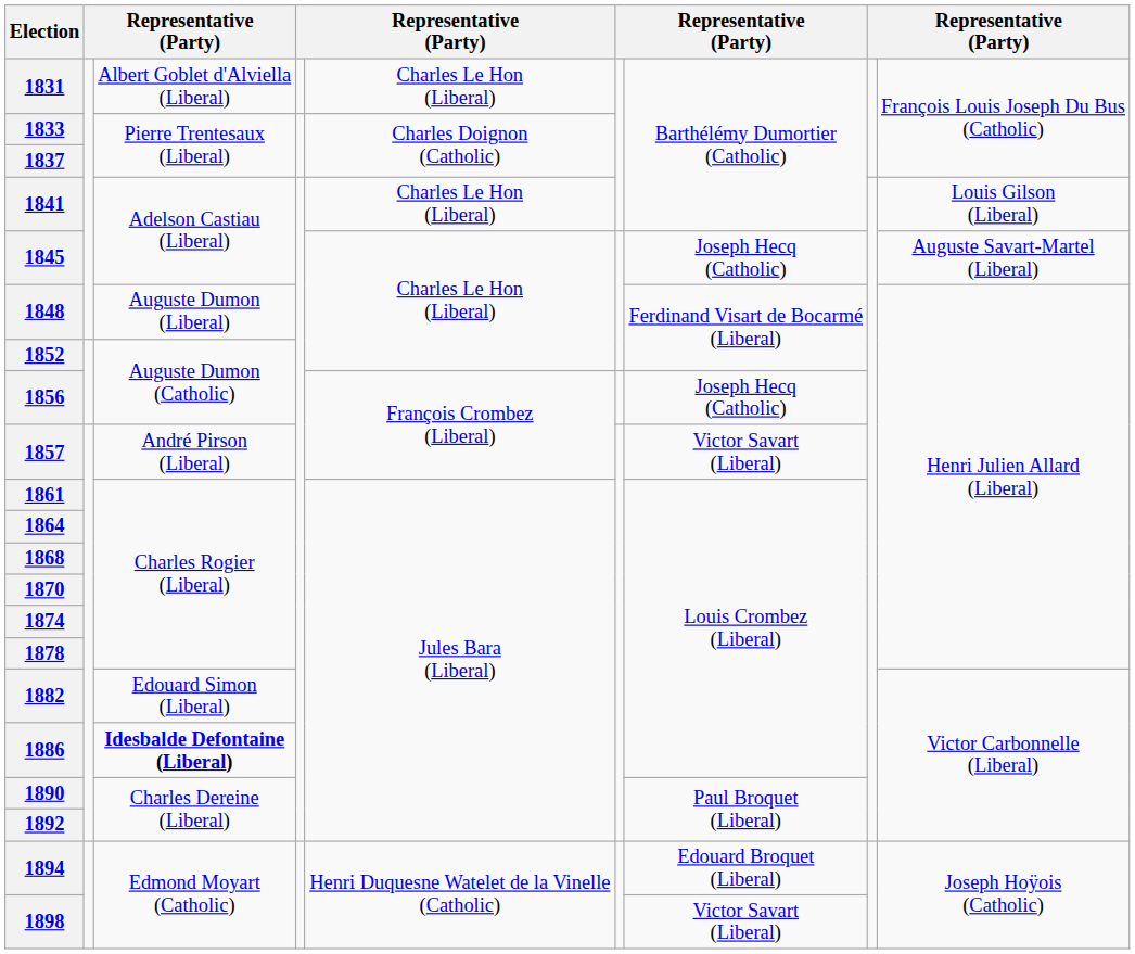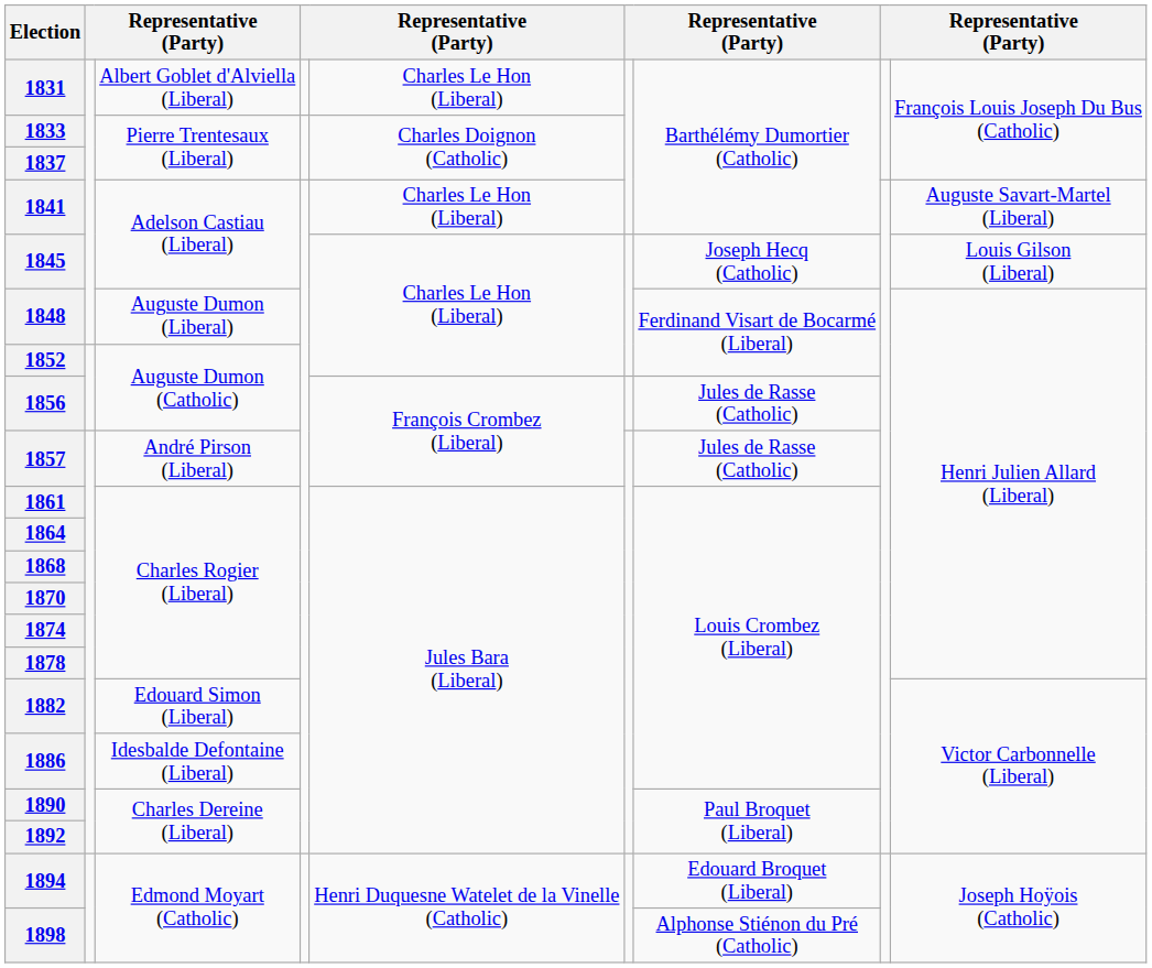 <table class="wikitable" style="text-align:center">
 <tr>
 <th>Election</th>
 <th colspan=2>Representative<br>(Party)</th>
 <th colspan=2>Representative<br>(Party)</th>
 <th colspan=2>Representative<br>(Party)</th>
 <th colspan=2>Representative<br>(Party)</th>
 </tr>
 <tr>
 <th><a href='#'>1831</a></th>
 <td rowspan=6; style="background-color: "></td>
 <td rowspan=1><a href='#'>Albert Goblet d'Alviella</a><br>(<a href='#'>Liberal</a>)</td>
 <td rowspan=1; style="background-color: "></td>
 <td rowspan=1><a href='#'>Charles Le Hon</a><br>(<a href='#'>Liberal</a>)</td>
 <td rowspan=4; style="background-color: "></td>
 <td rowspan=4><a href='#'>Barthélémy Dumortier</a><br>(<a href='#'>Catholic</a>)</td>
 <td rowspan=3; style="background-color: "></td>
 <td rowspan=3><a href='#'>François Louis Joseph Du Bus</a><br>(<a href='#'>Catholic</a>)</td>
 </tr>
 <tr>
 <th><a href='#'>1833</a></th>
 <td rowspan=2><a href='#'>Pierre Trentesaux</a><br>(<a href='#'>Liberal</a>)</td>
 <td rowspan=2; style="background-color: "></td>
 <td rowspan=2><a href='#'>Charles Doignon</a><br>(<a href='#'>Catholic</a>)</td>
 </tr>
 <tr>
 <th><a href='#'>1837</a></th>
 </tr>
 <tr>
 <th><a href='#'>1841</a></th>
 <td rowspan=2><a href='#'>Adelson Castiau</a><br>(<a href='#'>Liberal</a>)</td>
 <td rowspan=16; style="background-color: "></td>
 <td rowspan=1><a href='#'>Charles Le Hon</a><br>(<a href='#'>Liberal</a>)</td>
 <td rowspan=16; style="background-color: "></td>
-<td rowspan=1><a href='#'>Louis Gilson</a><br>(<a href='#'>Liberal</a>)</td>
+<td rowspan=1><a href='#'>Auguste Savart-Martel</a><br>(<a href='#'>Liberal</a>)</td>
 </tr>
 <tr>
 <th><a href='#'>1845</a></th>
 <td rowspan=3><a href='#'>Charles Le Hon</a><br>(<a href='#'>Liberal</a>)</td>
 <td rowspan=3; style="background-color: "></td>
 <td rowspan=1><a href='#'>Joseph Hecq</a><br>(<a href='#'>Catholic</a>)</td>
-<td rowspan=1><a href='#'>Auguste Savart-Martel</a><br>(<a href='#'>Liberal</a>)</td>
+<td rowspan=1><a href='#'>Louis Gilson</a><br>(<a href='#'>Liberal</a>)</td>
 </tr>
 <tr>
 <th><a href='#'>1848</a></th>
 <td rowspan=1><a href='#'>Auguste Dumon</a><br>(<a href='#'>Liberal</a>)</td>
 <td rowspan=2><a href='#'>Ferdinand Visart de Bocarmé</a><br>(<a href='#'>Liberal</a>)</td>
 <td rowspan=10><a href='#'>Henri Julien Allard</a><br>(<a href='#'>Liberal</a>)</td>
 </tr>
 <tr>
 <th><a href='#'>1852</a></th>
 <td rowspan=2; style="background-color: "></td>
 <td rowspan=2><a href='#'>Auguste Dumon</a><br>(<a href='#'>Catholic</a>)</td>
 </tr>
 <tr>
 <th><a href='#'>1856</a></th>
 <td rowspan=2><a href='#'>François Crombez</a><br>(<a href='#'>Liberal</a>)</td>
 <td rowspan=1; style="background-color: "></td>
-<td rowspan=1><a href='#'>Joseph Hecq</a><br>(<a href='#'>Catholic</a>)</td>
+<td rowspan=1><a href='#'>Jules de Rasse</a><br>(<a href='#'>Catholic</a>)</td>
 </tr>
 <tr>
 <th><a href='#'>1857</a></th>
 <td rowspan=11; style="background-color: "></td>
 <td rowspan=1><a href='#'>André Pirson</a><br>(<a href='#'>Liberal</a>)</td>
 <td rowspan=11; style="background-color: "></td>
-<td rowspan=1><a href='#'>Victor Savart</a><br>(<a href='#'>Liberal</a>)</td>
+<td rowspan=1><a href='#'>Jules de Rasse</a><br>(<a href='#'>Catholic</a>)</td>
 </tr>
 <tr>
 <th><a href='#'>1861</a></th>
 <td rowspan=6><a href='#'>Charles Rogier</a><br>(<a href='#'>Liberal</a>)</td>
 <td rowspan=10><a href='#'>Jules Bara</a><br>(<a href='#'>Liberal</a>)</td>
 <td rowspan=8><a href='#'>Louis Crombez</a><br>(<a href='#'>Liberal</a>)</td>
 </tr>
 <tr>
 <th><a href='#'>1864</a></th>
 </tr>
 <tr>
 <th><a href='#'>1868</a></th>
 </tr>
 <tr>
 <th><a href='#'>1870</a></th>
 </tr>
 <tr>
 <th><a href='#'>1874</a></th>
 </tr>
 <tr>
 <th><a href='#'>1878</a></th>
 </tr>
 <tr>
 <th><a href='#'>1882</a></th>
 <td rowspan=1><a href='#'>Edouard Simon</a><br>(<a href='#'>Liberal</a>)</td>
 <td rowspan=4><a href='#'>Victor Carbonnelle</a><br>(<a href='#'>Liberal</a>)</td>
 </tr>
 <tr>
 <th><a href='#'>1886</a></th>
-<td rowspan=1><strong><a href='#'>Idesbalde Defontaine</a><br>(<a href='#'>Liberal</a>)</strong></td>
+<td rowspan=1><a href='#'>Idesbalde Defontaine</a><br>(<a href='#'>Liberal</a>)</td>
 </tr>
 <tr>
 <th><a href='#'>1890</a></th>
 <td rowspan=2><a href='#'>Charles Dereine</a><br>(<a href='#'>Liberal</a>)</td>
 <td rowspan=2><a href='#'>Paul Broquet</a><br>(<a href='#'>Liberal</a>)</td>
 </tr>
 <tr>
 <th><a href='#'>1892</a></th>
 </tr>
 <tr>
 <th><a href='#'>1894</a></th>
 <td rowspan=2; style="background-color: "></td>
 <td rowspan=2><a href='#'>Edmond Moyart</a><br>(<a href='#'>Catholic</a>)</td>
 <td rowspan=2; style="background-color: "></td>
 <td rowspan=2><a href='#'>Henri Duquesne Watelet de la Vinelle</a><br>(<a href='#'>Catholic</a>)</td>
 <td rowspan=2; style="background-color: "></td>
 <td rowspan=1><a href='#'>Edouard Broquet</a><br>(<a href='#'>Liberal</a>)</td>
 <td rowspan=2; style="background-color: "></td>
 <td rowspan=2><a href='#'>Joseph Hoÿois</a><br>(<a href='#'>Catholic</a>)</td>
 </tr>
 <tr>
 <th><a href='#'>1898</a></th>
-<td rowspan=1><a href='#'>Victor Savart</a><br>(<a href='#'>Liberal</a>)</td>
+<td rowspan=1><a href='#'>Alphonse Stiénon du Pré</a><br>(<a href='#'>Catholic</a>)</td>
 </tr>
 </table>
